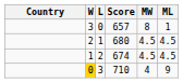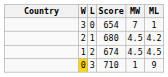 <table class="wikitable sortable" style="text-align:center">
 <tr>
 <th width=110>Country</th>
 <th>W</th>
 <th>L</th>
 <th>Score</th>
 <th>MW</th>
 <th>ML</th>
 </tr>
 <tr>
 <td align=left><strong></strong></td>
 <td>3</td>
 <td>0</td>
-<td>657</td>
-<td>8</td>
+<td>654</td>
+<td>7</td>
 <td>1</td>
 </tr>
 <tr>
 <td align=left></td>
 <td>2</td>
 <td>1</td>
 <td>680</td>
 <td>4.5</td>
-<td>4.5</td>
+<td>4.2</td>
 </tr>
 <tr>
 <td align=left></td>
 <td>1</td>
 <td>2</td>
 <td>674</td>
 <td>4.5</td>
 <td>4.5</td>
 </tr>
 <tr>
 <td align=left></td>
 <td style="background: gold;">0</td>
 <td>3</td>
 <td>710</td>
-<td>4</td>
+<td>1</td>
 <td>9</td>
 </tr>
 </table>
